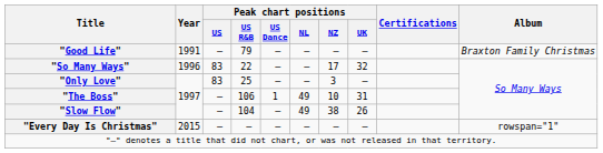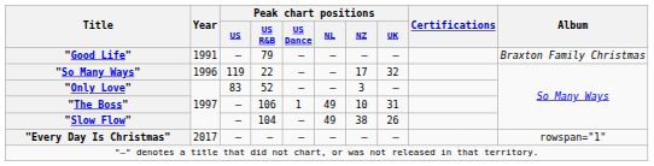 <table class="wikitable plainrowheaders" style="text-align:center;">
 <tr>
 <th scope="col" rowspan="2" style="width:18em;">Title</th>
 <th scope="col" rowspan="2">Year</th>
 <th scope="col" colspan="6">Peak chart positions</th>
 <th scope="col" rowspan="2" style="width:7em;"><a href='#'>Certifications</a></th>
 <th scope="col" rowspan="2">Album</th>
 </tr>
 <tr>
 <th scope="col" style="width:3em; font-size:90%;"><a href='#'>US</a><br></th>
 <th scope="col" style="width:3em; font-size:90%;"><a href='#'>US R&B</a><br></th>
 <th scope="col" style="width:3em; font-size:90%;"><a href='#'>US Dance</a><br></th>
 <th scope="col" style="width:3em; font-size:90%;"><a href='#'>NL</a><br></th>
 <th scope="col" style="width:3em; font-size:90%;"><a href='#'>NZ</a><br></th>
 <th scope="col" style="width:3em; font-size:90%;"><a href='#'>UK</a><br></th>
 </tr>
 <tr>
 <th scope="row">"<a href='#'>Good Life</a>"</th>
 <td>1991</td>
 <td> —</td>
 <td>79</td>
 <td> —</td>
 <td> —</td>
 <td> —</td>
 <td> —</td>
 <td></td>
 <td><em>Braxton Family Christmas</em></td>
 </tr>
 <tr>
 <th scope="row">"<a href='#'>So Many Ways</a>"</th>
 <td rowspan="1">1996</td>
-<td>83</td>
+<td>119</td>
 <td>22</td>
 <td> —</td>
 <td> —</td>
 <td>17</td>
 <td>32</td>
 <td></td>
 <td rowspan="4"><em><a href='#'>So Many Ways</a></em></td>
 </tr>
 <tr>
 <th scope="row">"<a href='#'>Only Love</a>"</th>
 <td rowspan="3">1997</td>
 <td>83</td>
-<td>25</td>
+<td>52</td>
 <td> —</td>
 <td> —</td>
 <td>3</td>
 <td> —</td>
 <td></td>
 </tr>
 <tr>
 <th scope="row">"<a href='#'>The Boss</a>"</th>
 <td> —</td>
 <td>106</td>
 <td>1</td>
 <td>49</td>
 <td>10</td>
 <td>31</td>
 <td></td>
 </tr>
 <tr>
 <th scope="row">"<a href='#'>Slow Flow</a>"</th>
 <td> —</td>
 <td>104</td>
 <td> —</td>
 <td>49</td>
 <td>38</td>
 <td>26</td>
 <td></td>
 </tr>
 <tr>
 <th scope="row">"Every Day Is Christmas"</th>
-<td>2015</td>
+<td>2017</td>
 <td> —</td>
 <td> —</td>
 <td> —</td>
 <td> —</td>
 <td> —</td>
 <td> —</td>
 <td></td>
 <td>rowspan="1" </td>
 </tr>
 <tr>
 <td colspan="14" style="font-size:90%">"—" denotes a title that did not chart, or was not released in that territory.</td>
 </tr>
 </table>
